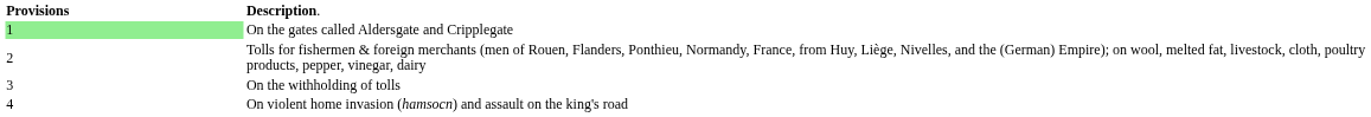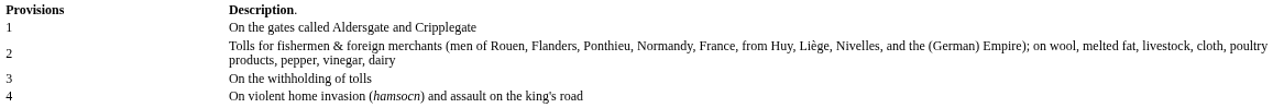 <table class="table">
 <tr>
 <td width="17%"><strong>Provisions</strong></td>
 <td width="83%"><strong>Description</strong>.</td>
 </tr>
 <tr>
-<td style="background: lightgreen;">1</td>
+<td>1</td>
 <td>On the gates called Aldersgate and Cripplegate</td>
 </tr>
 <tr>
 <td>2</td>
 <td>Tolls for fishermen & foreign merchants (men of Rouen, Flanders, Ponthieu, Normandy, France, from Huy, Liège, Nivelles, and the (German) Empire); on wool, melted fat, livestock, cloth, poultry products, pepper, vinegar, dairy</td>
 </tr>
 <tr>
 <td>3</td>
 <td>On the withholding of tolls</td>
 </tr>
 <tr>
 <td>4</td>
 <td>On violent home invasion (<em>hamsocn</em>) and assault on the king's road</td>
 </tr>
 </table>
